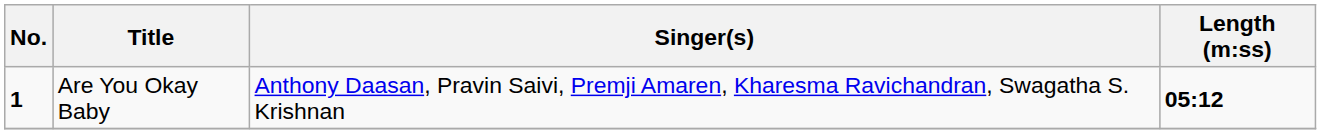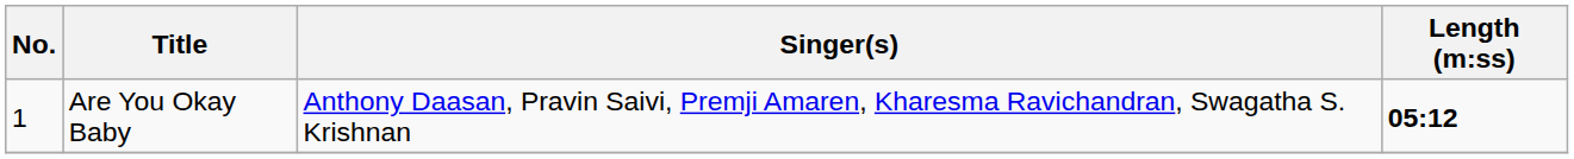 <table class="wikitable" style="font-size:95%;">
 <tr>
 <th>No.</th>
 <th>Title</th>
 <th>Singer(s)</th>
 <th>Length (m:ss)</th>
 </tr>
 <tr>
-<td><strong>1</strong></td>
+<td>1</td>
 <td>Are You Okay Baby</td>
 <td><a href='#'>Anthony Daasan</a>, Pravin Saivi, <a href='#'>Premji Amaren</a>, <a href='#'>Kharesma Ravichandran</a>, Swagatha S. Krishnan</td>
 <td><strong>05:12</strong></td>
 </tr>
 <tr>
 </tr>
 </table>
